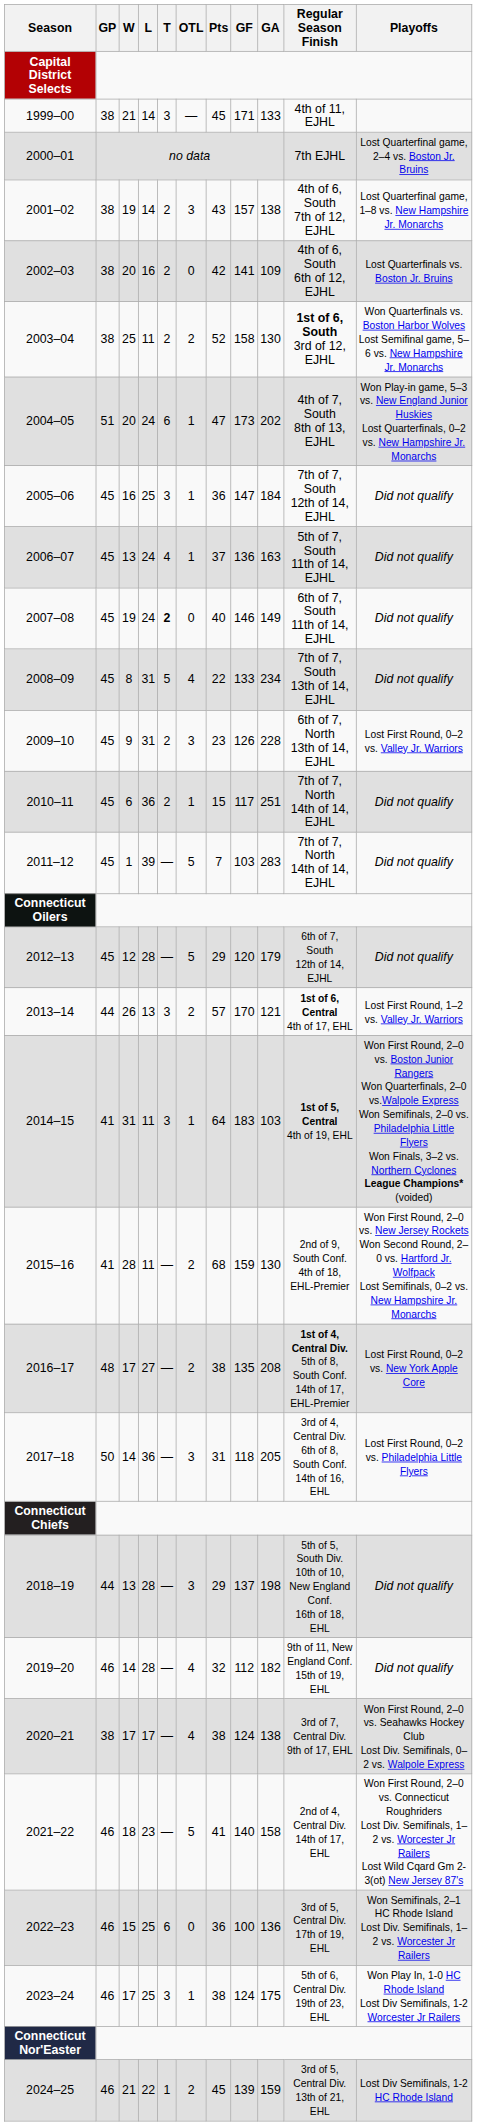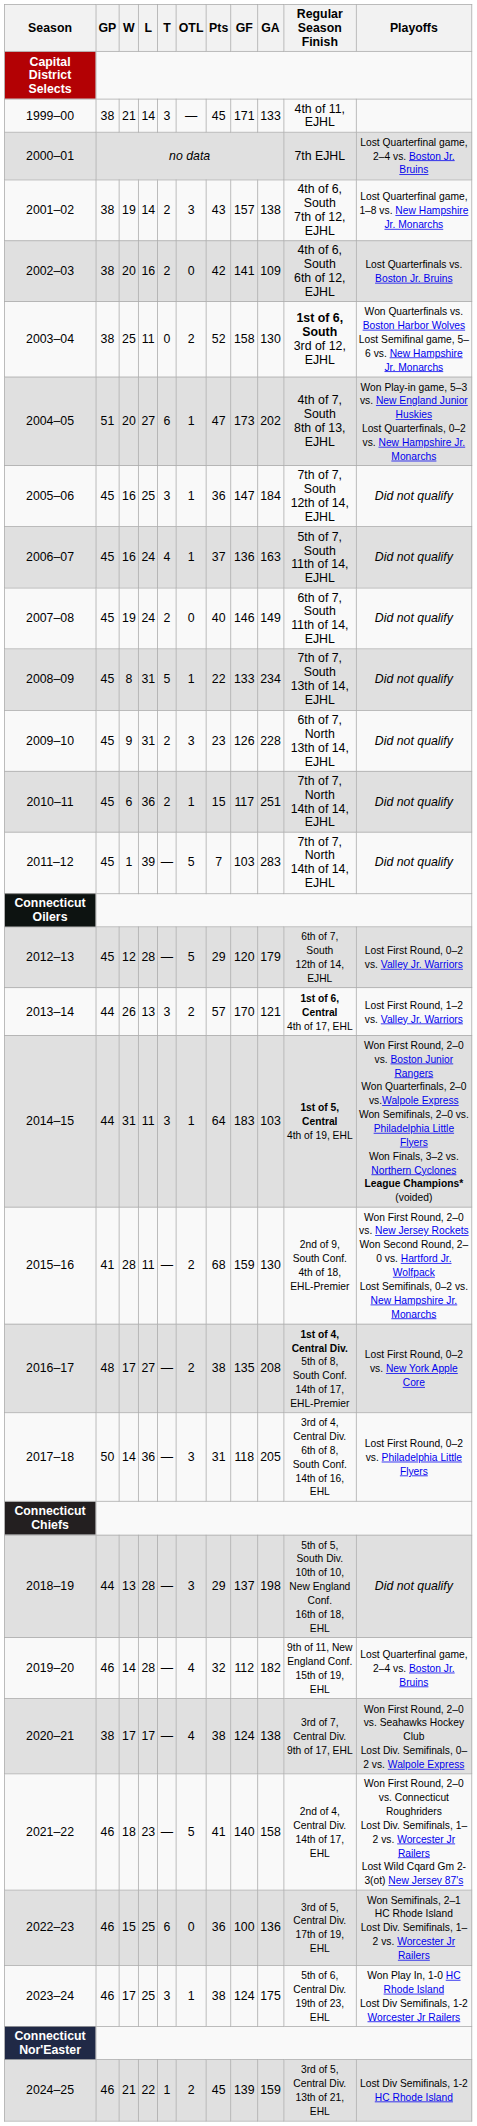 <table class="wikitable" style="text-align:center">
 <tr>
 <th>Season</th>
 <th>GP</th>
 <th>W</th>
 <th>L</th>
 <th>T</th>
 <th>OTL</th>
 <th>Pts</th>
 <th>GF</th>
 <th>GA</th>
 <th>Regular Season Finish</th>
 <th>Playoffs</th>
 </tr>
 <tr>
 <td style="color:white; background:#b30104; "><strong>Capital District Selects</strong></td>
 </tr>
 <tr>
 <td>1999–00</td>
 <td>38</td>
 <td>21</td>
 <td>14</td>
 <td>3</td>
 <td>—</td>
 <td>45</td>
 <td>171</td>
 <td>133</td>
 <td>4th of 11, EJHL</td>
 <td></td>
 </tr>
 <tr bgcolor=e0e0e0>
 <td>2000–01</td>
 <td colspan=8><em>no data</em></td>
 <td>7th EJHL</td>
 <td><small>Lost Quarterfinal game, 2–4 vs. <a href='#'>Boston Jr. Bruins</a></small></td>
 </tr>
 <tr>
 <td>2001–02</td>
 <td>38</td>
 <td>19</td>
 <td>14</td>
 <td>2</td>
 <td>3</td>
 <td>43</td>
 <td>157</td>
 <td>138</td>
 <td>4th of 6, South<br>7th of 12, EJHL</td>
 <td><small>Lost Quarterfinal game, 1–8 vs. <a href='#'>New Hampshire Jr. Monarchs</a></small></td>
 </tr>
 <tr bgcolor=e0e0e0>
 <td>2002–03</td>
 <td>38</td>
 <td>20</td>
 <td>16</td>
 <td>2</td>
 <td>0</td>
 <td>42</td>
 <td>141</td>
 <td>109</td>
 <td>4th of 6, South<br>6th of 12, EJHL</td>
 <td><small>Lost Quarterfinals vs. <a href='#'>Boston Jr. Bruins</a></small></td>
 </tr>
 <tr>
 <td>2003–04</td>
 <td>38</td>
 <td>25</td>
 <td>11</td>
-<td>2</td>
+<td>0</td>
 <td>2</td>
 <td>52</td>
 <td>158</td>
 <td>130</td>
 <td><strong>1st of 6, South</strong><br>3rd of 12, EJHL</td>
 <td><small>Won Quarterfinals vs. <a href='#'>Boston Harbor Wolves</a><br>Lost Semifinal game, 5–6 vs. <a href='#'>New Hampshire Jr. Monarchs</a></small></td>
 </tr>
 <tr bgcolor=e0e0e0>
 <td>2004–05</td>
 <td>51</td>
 <td>20</td>
-<td>24</td>
+<td>27</td>
 <td>6</td>
 <td>1</td>
 <td>47</td>
 <td>173</td>
 <td>202</td>
 <td>4th of 7, South<br>8th of 13, EJHL</td>
 <td><small>Won Play-in game, 5–3 vs. <a href='#'>New England Junior Huskies</a><br>Lost Quarterfinals, 0–2 vs. <a href='#'>New Hampshire Jr. Monarchs</a></small></td>
 </tr>
 <tr>
 <td>2005–06</td>
 <td>45</td>
 <td>16</td>
 <td>25</td>
 <td>3</td>
 <td>1</td>
 <td>36</td>
 <td>147</td>
 <td>184</td>
 <td>7th of 7, South<br>12th of 14, EJHL</td>
 <td><em>Did not qualify</em></td>
 </tr>
 <tr bgcolor=e0e0e0>
 <td>2006–07</td>
 <td>45</td>
-<td>13</td>
+<td>16</td>
 <td>24</td>
 <td>4</td>
 <td>1</td>
 <td>37</td>
 <td>136</td>
 <td>163</td>
 <td>5th of 7, South<br>11th of 14, EJHL</td>
 <td><em>Did not qualify</em></td>
 </tr>
 <tr>
 <td>2007–08</td>
 <td>45</td>
 <td>19</td>
 <td>24</td>
-<td><strong>2</strong></td>
+<td>2</td>
 <td>0</td>
 <td>40</td>
 <td>146</td>
 <td>149</td>
 <td>6th of 7, South<br>11th of 14, EJHL</td>
 <td><em>Did not qualify</em></td>
 </tr>
 <tr bgcolor=e0e0e0>
 <td>2008–09</td>
 <td>45</td>
 <td>8</td>
 <td>31</td>
 <td>5</td>
-<td>4</td>
+<td>1</td>
 <td>22</td>
 <td>133</td>
 <td>234</td>
 <td>7th of 7, South<br>13th of 14, EJHL</td>
 <td><em>Did not qualify</em></td>
 </tr>
 <tr>
 <td>2009–10</td>
 <td>45</td>
 <td>9</td>
 <td>31</td>
 <td>2</td>
 <td>3</td>
 <td>23</td>
 <td>126</td>
 <td>228</td>
 <td>6th of 7, North<br>13th of 14, EJHL</td>
-<td><small>Lost First Round, 0–2 vs. <a href='#'>Valley Jr. Warriors</a></small></td>
+<td><em>Did not qualify</em></td>
 </tr>
 <tr bgcolor=e0e0e0>
 <td>2010–11</td>
 <td>45</td>
 <td>6</td>
 <td>36</td>
 <td>2</td>
 <td>1</td>
 <td>15</td>
 <td>117</td>
 <td>251</td>
 <td>7th of 7, North<br>14th of 14, EJHL</td>
 <td><em>Did not qualify</em></td>
 </tr>
 <tr>
 <td>2011–12</td>
 <td>45</td>
 <td>1</td>
 <td>39</td>
 <td>—</td>
 <td>5</td>
 <td>7</td>
 <td>103</td>
 <td>283</td>
 <td>7th of 7, North<br>14th of 14, EJHL</td>
 <td><em>Did not qualify</em></td>
 </tr>
 <tr>
 <td style="color:white; background:#0d1311; "><strong>Connecticut Oilers</strong></td>
 </tr>
 <tr bgcolor=e0e0e0>
 <td>2012–13</td>
 <td>45</td>
 <td>12</td>
 <td>28</td>
 <td>—</td>
 <td>5</td>
 <td>29</td>
 <td>120</td>
 <td>179</td>
 <td><small>6th of 7, South<br>12th of 14, EJHL</small></td>
-<td><em>Did not qualify</em></td>
+<td><small>Lost First Round, 0–2 vs. <a href='#'>Valley Jr. Warriors</a></small></td>
 </tr>
 <tr>
 <td>2013–14</td>
 <td>44</td>
 <td>26</td>
 <td>13</td>
 <td>3</td>
 <td>2</td>
 <td>57</td>
 <td>170</td>
 <td>121</td>
 <td><small><strong>1st of 6, Central</strong><br>4th of 17, EHL</small></td>
 <td><small>Lost First Round, 1–2 vs. <a href='#'>Valley Jr. Warriors</a></small></td>
 </tr>
 <tr bgcolor=e0e0e0>
 <td>2014–15</td>
-<td>41</td>
+<td>44</td>
 <td>31</td>
 <td>11</td>
 <td>3</td>
 <td>1</td>
 <td>64</td>
 <td>183</td>
 <td>103</td>
 <td><small><strong>1st of 5, Central</strong><br>4th of 19, EHL</small></td>
 <td><small>Won First Round, 2–0 vs. <a href='#'>Boston Junior Rangers</a><br>Won Quarterfinals, 2–0 vs.<a href='#'>Walpole Express</a><br>Won Semifinals, 2–0 vs. <a href='#'>Philadelphia Little Flyers</a><br>Won Finals, 3–2 vs. <a href='#'>Northern Cyclones</a><br><strong>League Champions*</strong> (voided)</small></td>
 </tr>
 <tr>
 <td>2015–16</td>
 <td>41</td>
 <td>28</td>
 <td>11</td>
 <td>—</td>
 <td>2</td>
 <td>68</td>
 <td>159</td>
 <td>130</td>
 <td><small>2nd of 9, South Conf.<br>4th of 18, EHL-Premier</small></td>
 <td><small>Won First Round, 2–0 vs. <a href='#'>New Jersey Rockets</a><br>Won Second Round, 2–0 vs. <a href='#'>Hartford Jr. Wolfpack</a><br>Lost Semifinals, 0–2 vs. <a href='#'>New Hampshire Jr. Monarchs</a></small></td>
 </tr>
 <tr bgcolor=e0e0e0>
 <td>2016–17</td>
 <td>48</td>
 <td>17</td>
 <td>27</td>
 <td>—</td>
 <td>2</td>
 <td>38</td>
 <td>135</td>
 <td>208</td>
 <td><small><strong>1st of 4, Central Div.</strong><br>5th of 8, South Conf.<br>14th of 17, EHL-Premier</small></td>
 <td><small>Lost First Round, 0–2 vs. <a href='#'>New York Apple Core</a></small></td>
 </tr>
 <tr>
 <td>2017–18</td>
 <td>50</td>
 <td>14</td>
 <td>36</td>
 <td>—</td>
 <td>3</td>
 <td>31</td>
 <td>118</td>
 <td>205</td>
 <td><small>3rd of 4, Central Div.<br>6th of 8, South Conf.<br>14th of 16, EHL</small></td>
 <td><small>Lost First Round, 0–2 vs. <a href='#'>Philadelphia Little Flyers</a></small></td>
 </tr>
 <tr>
 <td style="color:white; background:#231f20; "><strong>Connecticut Chiefs</strong></td>
 </tr>
 <tr bgcolor=e0e0e0>
 <td>2018–19</td>
 <td>44</td>
 <td>13</td>
 <td>28</td>
 <td>—</td>
 <td>3</td>
 <td>29</td>
 <td>137</td>
 <td>198</td>
 <td><small>5th of 5, South Div.<br>10th of 10, New England Conf.<br>16th of 18, EHL</small></td>
 <td><em>Did not qualify</em></td>
 </tr>
 <tr>
 <td>2019–20</td>
 <td>46</td>
 <td>14</td>
 <td>28</td>
 <td>—</td>
 <td>4</td>
 <td>32</td>
 <td>112</td>
 <td>182</td>
 <td><small>9th of 11, New England Conf.<br>15th of 19, EHL</small></td>
-<td><em>Did not qualify</em></td>
+<td><small>Lost Quarterfinal game, 2–4 vs. <a href='#'>Boston Jr. Bruins</a></small></td>
 </tr>
 <tr bgcolor=e0e0e0>
 <td>2020–21</td>
 <td>38</td>
 <td>17</td>
 <td>17</td>
 <td>—</td>
 <td>4</td>
 <td>38</td>
 <td>124</td>
 <td>138</td>
 <td><small>3rd of 7, Central Div.<br>9th of 17, EHL</small></td>
 <td><small>Won First Round, 2–0 vs. Seahawks Hockey Club<br>Lost Div. Semifinals, 0–2 vs. <a href='#'>Walpole Express</a></small></td>
 </tr>
 <tr>
 <td>2021–22</td>
 <td>46</td>
 <td>18</td>
 <td>23</td>
 <td>—</td>
 <td>5</td>
 <td>41</td>
 <td>140</td>
 <td>158</td>
 <td><small>2nd of 4, Central Div.<br>14th of 17, EHL</small></td>
 <td><small>Won First Round, 2–0 vs. Connecticut Roughriders<br>Lost Div. Semifinals, 1–2 vs. <a href='#'>Worcester Jr Railers</a><br>Lost Wild Cqard Gm 2-3(ot) <a href='#'>New Jersey 87's</a></small></td>
 </tr>
 <tr bgcolor=e0e0e0>
 <td>2022–23</td>
 <td>46</td>
 <td>15</td>
 <td>25</td>
 <td>6</td>
 <td>0</td>
 <td>36</td>
 <td>100</td>
 <td>136</td>
 <td><small>3rd of 5, Central Div.<br>17th of 19, EHL</small></td>
 <td><small>Won Semifinals, 2–1 HC Rhode Island<br>Lost Div. Semifinals, 1–2 vs. <a href='#'>Worcester Jr Railers</a></small></td>
 </tr>
 <tr>
 <td>2023–24</td>
 <td>46</td>
 <td>17</td>
 <td>25</td>
 <td>3</td>
 <td>1</td>
 <td>38</td>
 <td>124</td>
 <td>175</td>
 <td><small>5th of 6, Central Div.<br>19th of 23, EHL</small></td>
 <td><small>Won Play In, 1-0 <a href='#'>HC Rhode Island</a><br>Lost Div Semifinals, 1-2 <a href='#'>Worcester Jr Railers</a></small></td>
 </tr>
 <tr>
 <td style="color:white; background:#202946; "><strong>Connecticut Nor'Easter</strong></td>
 </tr>
 <tr bgcolor=e0e0e0>
 <td>2024–25</td>
 <td>46</td>
 <td>21</td>
 <td>22</td>
 <td>1</td>
 <td>2</td>
 <td>45</td>
 <td>139</td>
 <td>159</td>
 <td><small>3rd of 5, Central Div.<br>13th of 21, EHL</small></td>
 <td><small>Lost Div Semifinals, 1-2 <a href='#'>HC Rhode Island</a></small></td>
 </tr>
 </table>
